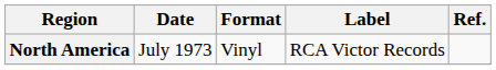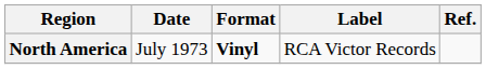 <table class="wikitable plainrowheaders">
 <tr>
 <th scope="col">Region</th>
 <th scope="col">Date</th>
 <th scope="col">Format</th>
 <th scope="col">Label</th>
 <th scope="col">Ref.</th>
 </tr>
 <tr>
 <th scope="row">North America</th>
 <td>July 1973</td>
-<td>Vinyl</td>
+<td><strong>Vinyl</strong></td>
 <td>RCA Victor Records</td>
 <td></td>
 </tr>
 <tr>
 </tr>
 </table>
